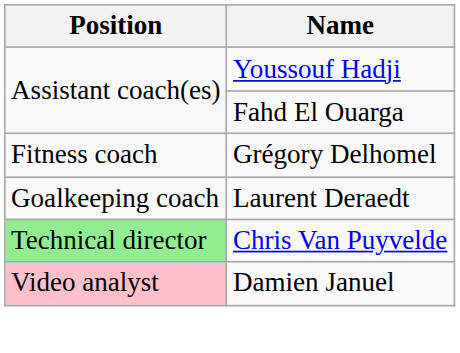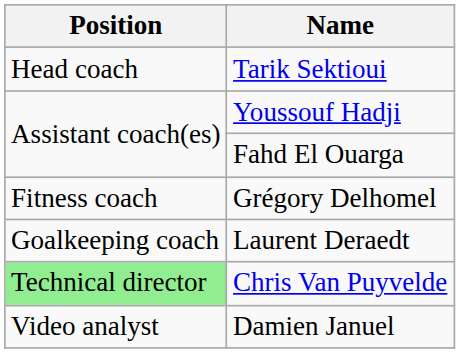 <table class="wikitable sortable" style="text-align:center">
 <tr>
 <th>Position</th>
 <th>Name</th>
+</tr>
+<tr>
+<td style="text-align:left;">Head coach</td>
+<td style="text-align:left;"> <a href='#'>Tarik Sektioui</a></td>
 </tr>
 <tr>
 <td style="text-align:left;" rowspan="2">Assistant coach(es)</td>
 <td style="text-align:left;"> <a href='#'>Youssouf Hadji</a></td>
 </tr>
 <tr>
 <td style="text-align:left;"> Fahd El Ouarga</td>
 </tr>
 <tr>
 <td style="text-align:left;">Fitness coach</td>
 <td style="text-align:left;"> Grégory Delhomel</td>
 </tr>
 <tr>
 <td style="text-align:left;">Goalkeeping coach</td>
 <td style="text-align:left;"> Laurent Deraedt</td>
 </tr>
 <tr>
 <td style="background: lightgreen; text-align:left;">Technical director</td>
 <td style="text-align:left;"> <a href='#'>Chris Van Puyvelde</a></td>
 </tr>
 <tr>
-<td style="background: pink; text-align:left;">Video analyst</td>
+<td style="text-align:left;">Video analyst</td>
 <td style="text-align:left;"> Damien Januel</td>
 </tr>
 </table>
